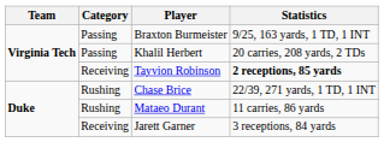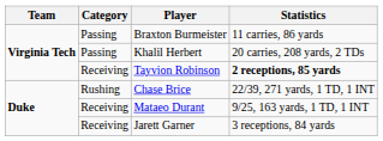 <table class="wikitable" style="float: left;">
 <tr>
 <th>Team</th>
 <th>Category</th>
 <th>Player</th>
 <th>Statistics</th>
 </tr>
 <tr>
 <td rowspan=3><strong>Virginia Tech</strong></td>
 <td>Passing</td>
 <td>Braxton Burmeister</td>
-<td>9/25, 163 yards, 1 TD, 1 INT</td>
+<td>11 carries, 86 yards</td>
 </tr>
 <tr>
 <td>Passing</td>
 <td>Khalil Herbert</td>
 <td>20 carries, 208 yards, 2 TDs</td>
 </tr>
 <tr>
 <td>Receiving</td>
 <td><a href='#'>Tayvion Robinson</a></td>
 <td><strong>2 receptions, 85 yards</strong></td>
 </tr>
 <tr>
 <td rowspan=3><strong>Duke</strong></td>
 <td>Rushing</td>
 <td><a href='#'>Chase Brice</a></td>
 <td>22/39, 271 yards, 1 TD, 1 INT</td>
 </tr>
 <tr>
-<td>Rushing</td>
+<td>Receiving</td>
 <td><a href='#'>Mataeo Durant</a></td>
-<td>11 carries, 86 yards</td>
+<td>9/25, 163 yards, 1 TD, 1 INT</td>
 </tr>
 <tr>
 <td>Receiving</td>
 <td>Jarett Garner</td>
 <td>3 receptions, 84 yards</td>
 </tr>
 </table>
